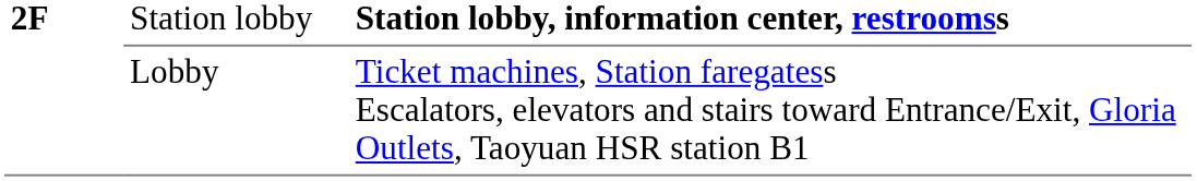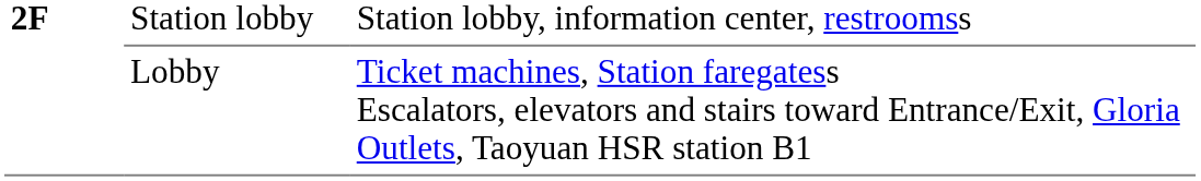 <table border=0 cellspacing=0 cellpadding=3>
 <tr>
 <td style="border-bottom:solid 1px gray;" width=50 rowspan=10 valign=top><strong>2F</strong></td>
 </tr>
 <tr>
 <td style="border-bottom:solid 1px gray;" width=100 rowspan=1 valign=top>Station lobby</td>
-<td style="border-bottom:solid 1px gray;" width=390 rowspan=1 valign=top><strong>Station lobby, information center, <a href='#'>restrooms</a>s</strong></td>
+<td style="border-bottom:solid 1px gray;" width=390 rowspan=1 valign=top>Station lobby, information center, <a href='#'>restrooms</a>s</td>
 </tr>
 <tr>
 <td style="border-bottom:solid 1px gray;" width=100 rowspan=1 valign=top>Lobby</td>
 <td style="border-bottom:solid 1px gray;" width=390 rowspan=1 valign=top><a href='#'>Ticket machines</a>, <a href='#'>Station faregates</a>s<br>Escalators, elevators and stairs toward Entrance/Exit, <a href='#'>Gloria Outlets</a>, Taoyuan HSR station B1</td>
 </tr>
 </table>
